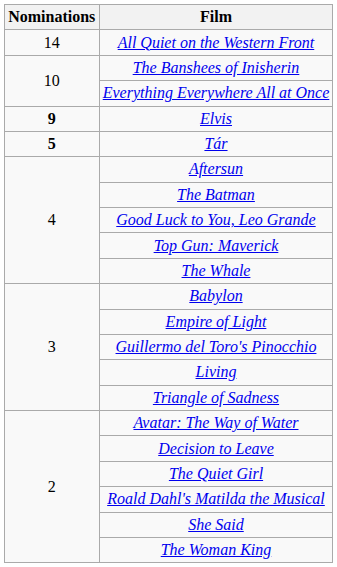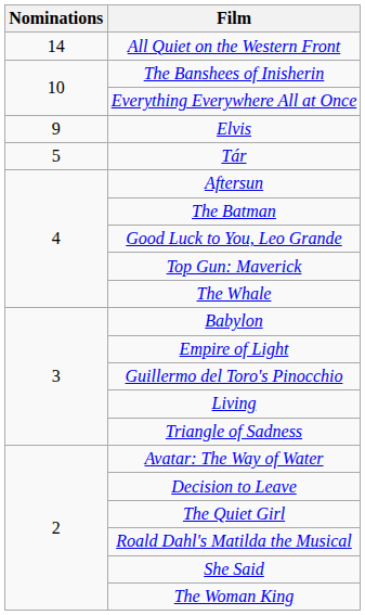 <table class="wikitable" style="text-align:center;">
 <tr>
 <th style="background:">Nominations</th>
 <th style="background:">Film</th>
 </tr>
 <tr>
 <td>14</td>
 <td><em><a href='#'>All Quiet on the Western Front</a></em></td>
 </tr>
 <tr>
 <td rowspan="2">10</td>
 <td><em><a href='#'>The Banshees of Inisherin</a></em></td>
 </tr>
 <tr>
 <td><em><a href='#'>Everything Everywhere All at Once</a></em></td>
 </tr>
 <tr>
-<td><strong>9</strong></td>
+<td>9</td>
 <td><em><a href='#'>Elvis</a></em></td>
 </tr>
 <tr>
-<td><strong>5</strong></td>
+<td>5</td>
 <td><em><a href='#'>Tár</a></em></td>
 </tr>
 <tr>
 <td rowspan="5">4</td>
 <td><em><a href='#'>Aftersun</a></em></td>
 </tr>
 <tr>
 <td><em><a href='#'>The Batman</a></em></td>
 </tr>
 <tr>
 <td><em><a href='#'>Good Luck to You, Leo Grande</a></em></td>
 </tr>
 <tr>
 <td><em><a href='#'>Top Gun: Maverick</a></em></td>
 </tr>
 <tr>
 <td><em><a href='#'>The Whale</a></em></td>
 </tr>
 <tr>
 <td rowspan="5">3</td>
 <td><em><a href='#'>Babylon</a></em></td>
 </tr>
 <tr>
 <td><em><a href='#'>Empire of Light</a></em></td>
 </tr>
 <tr>
 <td><em><a href='#'>Guillermo del Toro's Pinocchio</a></em></td>
 </tr>
 <tr>
 <td><em><a href='#'>Living</a></em></td>
 </tr>
 <tr>
 <td><em><a href='#'>Triangle of Sadness</a></em></td>
 </tr>
 <tr>
 <td rowspan="6">2</td>
 <td><em><a href='#'>Avatar: The Way of Water</a></em></td>
 </tr>
 <tr>
 <td><em><a href='#'>Decision to Leave</a></em></td>
 </tr>
 <tr>
 <td><em><a href='#'>The Quiet Girl</a></em></td>
 </tr>
 <tr>
 <td><em><a href='#'>Roald Dahl's Matilda the Musical</a></em></td>
 </tr>
 <tr>
 <td><em><a href='#'>She Said</a></em></td>
 </tr>
 <tr>
 <td><em><a href='#'>The Woman King</a></em></td>
 </tr>
 </table>
